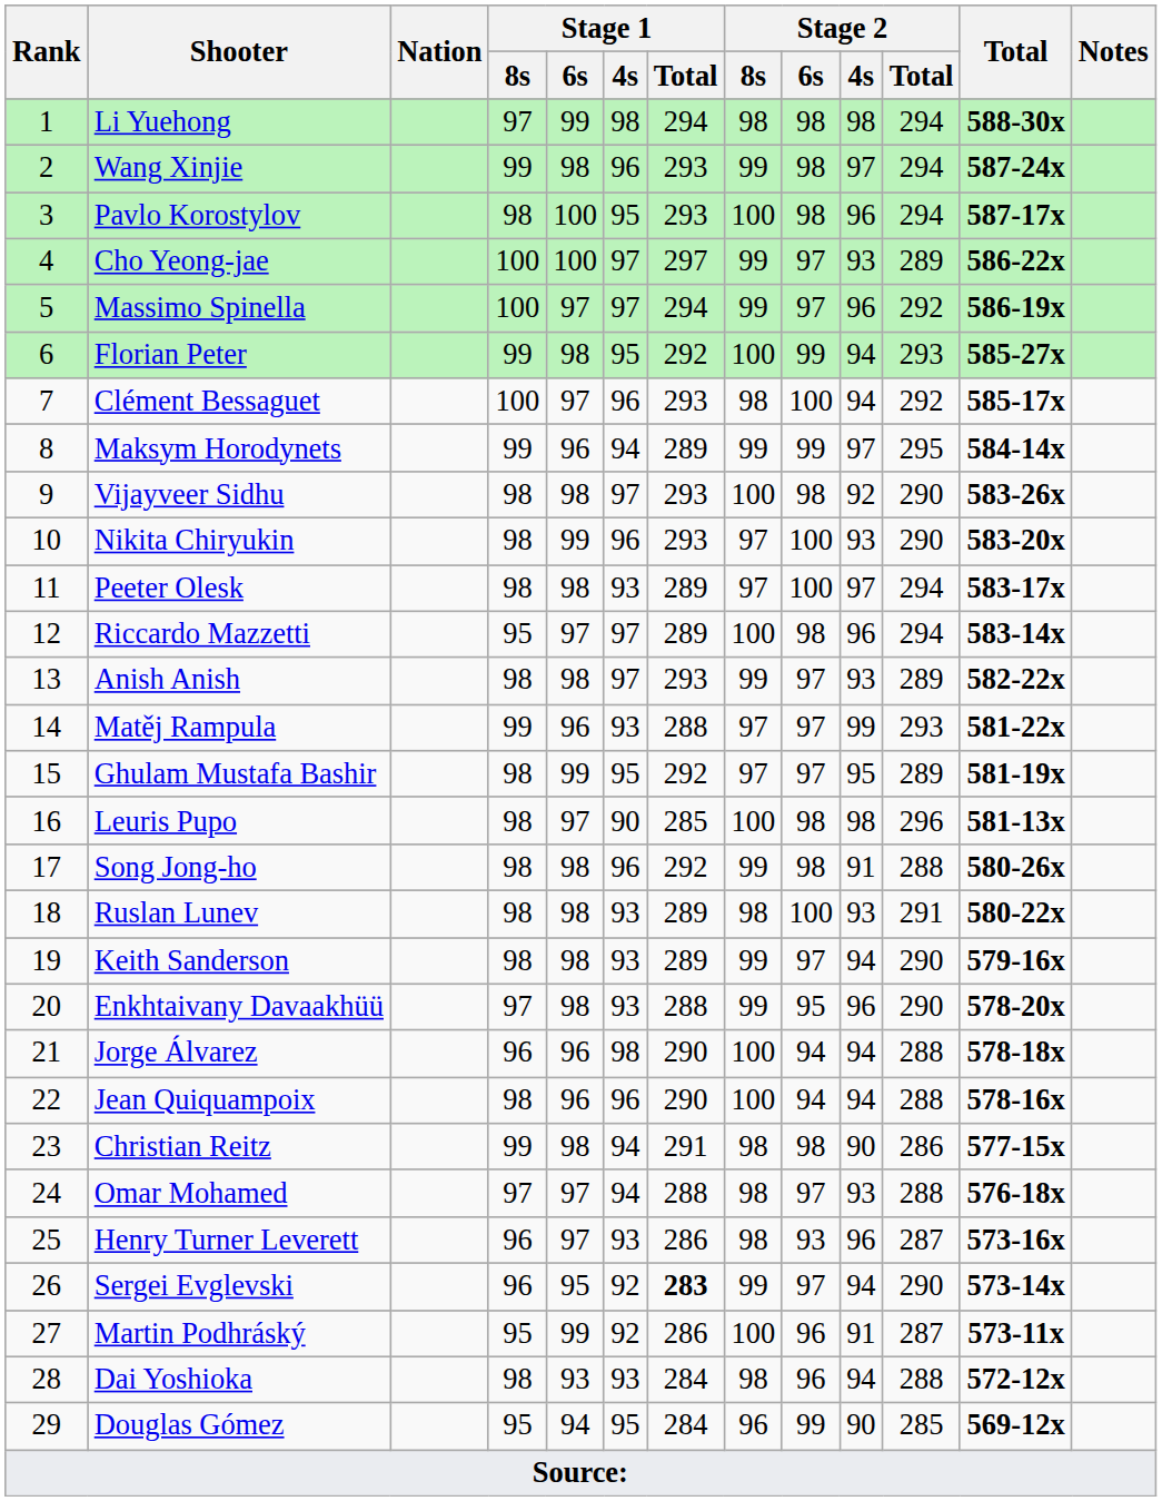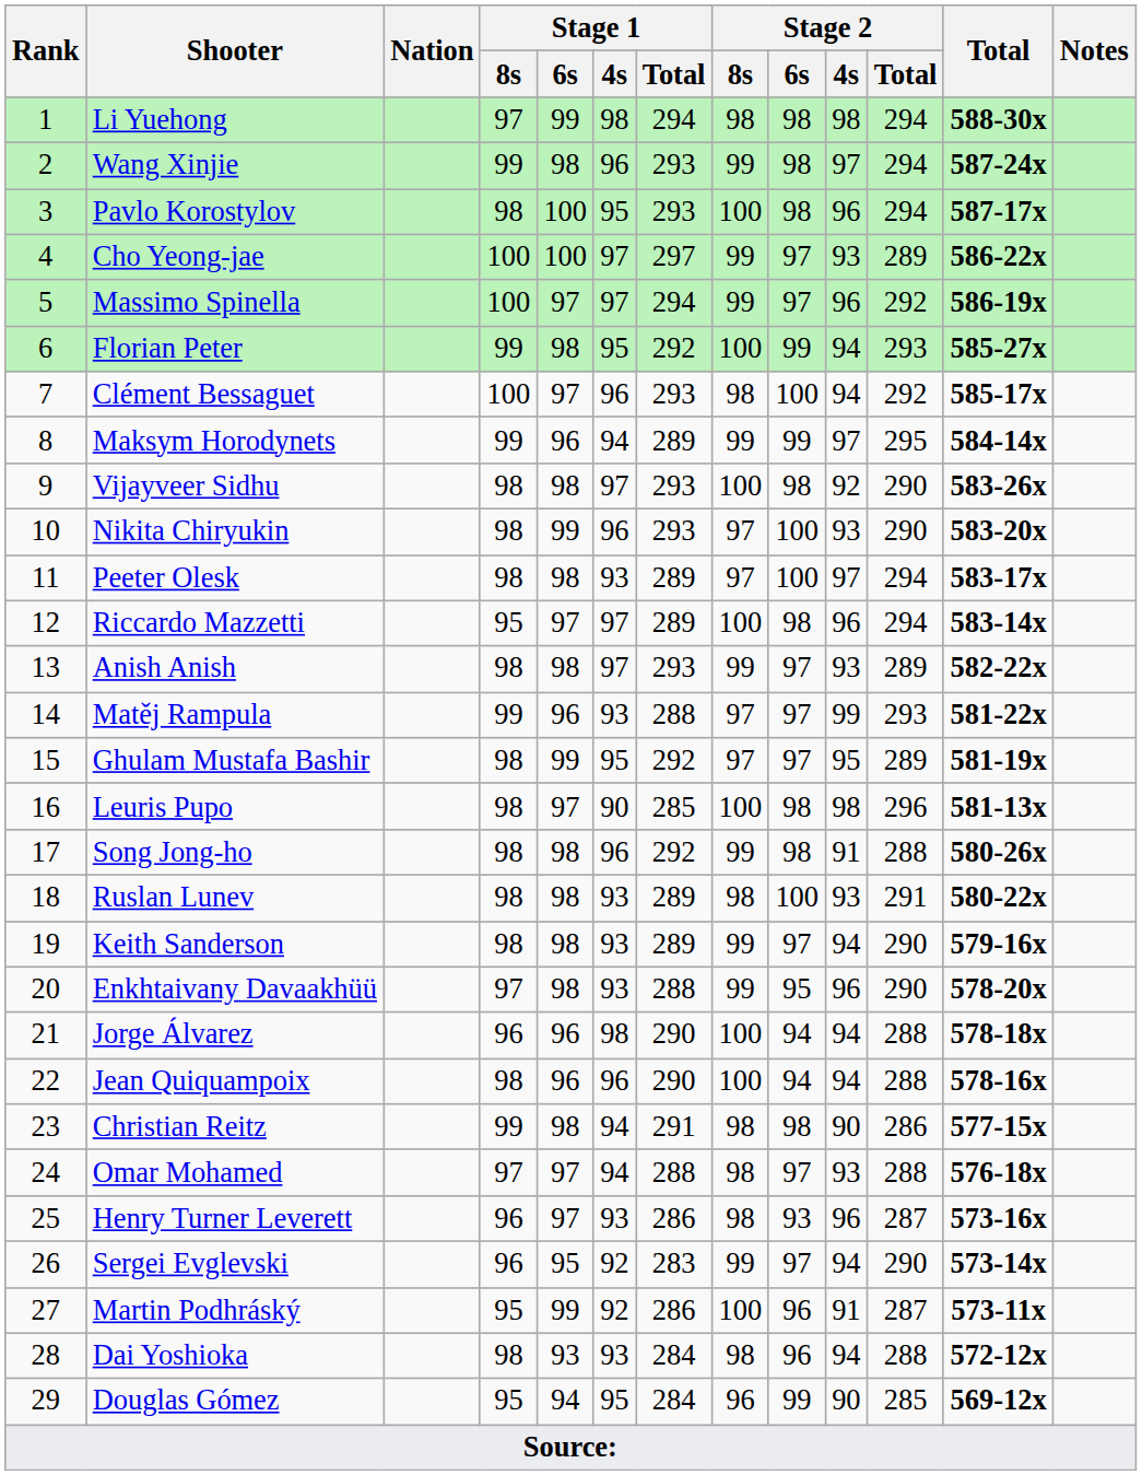 <table class="wikitable sortable" style="text-align: center">
 <tr>
 <th rowspan=2>Rank</th>
 <th rowspan=2>Shooter</th>
 <th rowspan=2>Nation</th>
 <th colspan=4>Stage 1</th>
 <th colspan="4">Stage 2</th>
 <th rowspan="2">Total</th>
 <th rowspan="2" class="unsortable">Notes</th>
 </tr>
 <tr>
 <th>8s</th>
 <th>6s</th>
 <th>4s</th>
 <th>Total</th>
 <th>8s</th>
 <th>6s</th>
 <th>4s</th>
 <th>Total</th>
 </tr>
 <tr bgcolor=bbf3bb>
 <td>1</td>
 <td align=left><a href='#'>Li Yuehong</a></td>
 <td align="left"></td>
 <td>97</td>
 <td>99</td>
 <td>98</td>
 <td>294</td>
 <td>98</td>
 <td>98</td>
 <td>98</td>
 <td>294</td>
 <td><strong>588-30x</strong></td>
 <td></td>
 </tr>
 <tr bgcolor=bbf3bb>
 <td>2</td>
 <td align=left><a href='#'>Wang Xinjie</a></td>
 <td align="left"></td>
 <td>99</td>
 <td>98</td>
 <td>96</td>
 <td>293</td>
 <td>99</td>
 <td>98</td>
 <td>97</td>
 <td>294</td>
 <td><strong>587-24x</strong></td>
 <td></td>
 </tr>
 <tr bgcolor=bbf3bb>
 <td>3</td>
 <td align=left><a href='#'>Pavlo Korostylov</a></td>
 <td align="left"></td>
 <td>98</td>
 <td>100</td>
 <td>95</td>
 <td>293</td>
 <td>100</td>
 <td>98</td>
 <td>96</td>
 <td>294</td>
 <td><strong>587-17x</strong></td>
 <td></td>
 </tr>
 <tr bgcolor=bbf3bb>
 <td>4</td>
 <td align=left><a href='#'>Cho Yeong-jae</a></td>
 <td align="left"></td>
 <td>100</td>
 <td>100</td>
 <td>97</td>
 <td>297</td>
 <td>99</td>
 <td>97</td>
 <td>93</td>
 <td>289</td>
 <td><strong>586-22x</strong></td>
 <td></td>
 </tr>
 <tr bgcolor=bbf3bb>
 <td>5</td>
 <td align=left><a href='#'>Massimo Spinella</a></td>
 <td align="left"></td>
 <td>100</td>
 <td>97</td>
 <td>97</td>
 <td>294</td>
 <td>99</td>
 <td>97</td>
 <td>96</td>
 <td>292</td>
 <td><strong>586-19x</strong></td>
 <td></td>
 </tr>
 <tr bgcolor=bbf3bb>
 <td>6</td>
 <td align=left><a href='#'>Florian Peter</a></td>
 <td align="left"></td>
 <td>99</td>
 <td>98</td>
 <td>95</td>
 <td>292</td>
 <td>100</td>
 <td>99</td>
 <td>94</td>
 <td>293</td>
 <td><strong>585-27x</strong></td>
 <td></td>
 </tr>
 <tr>
 <td>7</td>
 <td align=left><a href='#'>Clément Bessaguet</a></td>
 <td align="left"></td>
 <td>100</td>
 <td>97</td>
 <td>96</td>
 <td>293</td>
 <td>98</td>
 <td>100</td>
 <td>94</td>
 <td>292</td>
 <td><strong>585-17x</strong></td>
 <td></td>
 </tr>
 <tr>
 <td>8</td>
 <td align=left><a href='#'>Maksym Horodynets</a></td>
 <td align="left"></td>
 <td>99</td>
 <td>96</td>
 <td>94</td>
 <td>289</td>
 <td>99</td>
 <td>99</td>
 <td>97</td>
 <td>295</td>
 <td><strong>584-14x</strong></td>
 <td></td>
 </tr>
 <tr>
 <td>9</td>
 <td align=left><a href='#'>Vijayveer Sidhu</a></td>
 <td align="left"></td>
 <td>98</td>
 <td>98</td>
 <td>97</td>
 <td>293</td>
 <td>100</td>
 <td>98</td>
 <td>92</td>
 <td>290</td>
 <td><strong>583-26x</strong></td>
 <td></td>
 </tr>
 <tr>
 <td>10</td>
 <td align=left><a href='#'>Nikita Chiryukin</a></td>
 <td align="left"></td>
 <td>98</td>
 <td>99</td>
 <td>96</td>
 <td>293</td>
 <td>97</td>
 <td>100</td>
 <td>93</td>
 <td>290</td>
 <td><strong>583-20x</strong></td>
 <td></td>
 </tr>
 <tr>
 <td>11</td>
 <td align=left><a href='#'>Peeter Olesk</a></td>
 <td align="left"></td>
 <td>98</td>
 <td>98</td>
 <td>93</td>
 <td>289</td>
 <td>97</td>
 <td>100</td>
 <td>97</td>
 <td>294</td>
 <td><strong>583-17x</strong></td>
 <td></td>
 </tr>
 <tr>
 <td>12</td>
 <td align=left><a href='#'>Riccardo Mazzetti</a></td>
 <td align="left"></td>
 <td>95</td>
 <td>97</td>
 <td>97</td>
 <td>289</td>
 <td>100</td>
 <td>98</td>
 <td>96</td>
 <td>294</td>
 <td><strong>583-14x</strong></td>
 <td></td>
 </tr>
 <tr>
 <td>13</td>
 <td align=left><a href='#'>Anish Anish</a></td>
 <td align="left"></td>
 <td>98</td>
 <td>98</td>
 <td>97</td>
 <td>293</td>
 <td>99</td>
 <td>97</td>
 <td>93</td>
 <td>289</td>
 <td><strong>582-22x</strong></td>
 <td></td>
 </tr>
 <tr>
 <td>14</td>
 <td align=left><a href='#'>Matěj Rampula</a></td>
 <td align="left"></td>
 <td>99</td>
 <td>96</td>
 <td>93</td>
 <td>288</td>
 <td>97</td>
 <td>97</td>
 <td>99</td>
 <td>293</td>
 <td><strong>581-22x</strong></td>
 <td></td>
 </tr>
 <tr>
 <td>15</td>
 <td align=left><a href='#'>Ghulam Mustafa Bashir</a></td>
 <td align="left"></td>
 <td>98</td>
 <td>99</td>
 <td>95</td>
 <td>292</td>
 <td>97</td>
 <td>97</td>
 <td>95</td>
 <td>289</td>
 <td><strong>581-19x</strong></td>
 <td></td>
 </tr>
 <tr>
 <td>16</td>
 <td align=left><a href='#'>Leuris Pupo</a></td>
 <td align="left"></td>
 <td>98</td>
 <td>97</td>
 <td>90</td>
 <td>285</td>
 <td>100</td>
 <td>98</td>
 <td>98</td>
 <td>296</td>
 <td><strong>581-13x</strong></td>
 <td></td>
 </tr>
 <tr>
 <td>17</td>
 <td align=left><a href='#'>Song Jong-ho</a></td>
 <td align="left"></td>
 <td>98</td>
 <td>98</td>
 <td>96</td>
 <td>292</td>
 <td>99</td>
 <td>98</td>
 <td>91</td>
 <td>288</td>
 <td><strong>580-26x</strong></td>
 <td></td>
 </tr>
 <tr>
 <td>18</td>
 <td align=left><a href='#'>Ruslan Lunev</a></td>
 <td align="left"></td>
 <td>98</td>
 <td>98</td>
 <td>93</td>
 <td>289</td>
 <td>98</td>
 <td>100</td>
 <td>93</td>
 <td>291</td>
 <td><strong>580-22x</strong></td>
 <td></td>
 </tr>
 <tr>
 <td>19</td>
 <td align=left><a href='#'>Keith Sanderson</a></td>
 <td align="left"></td>
 <td>98</td>
 <td>98</td>
 <td>93</td>
 <td>289</td>
 <td>99</td>
 <td>97</td>
 <td>94</td>
 <td>290</td>
 <td><strong>579-16x</strong></td>
 <td></td>
 </tr>
 <tr>
 <td>20</td>
 <td align=left><a href='#'>Enkhtaivany Davaakhüü</a></td>
 <td align="left"></td>
 <td>97</td>
 <td>98</td>
 <td>93</td>
 <td>288</td>
 <td>99</td>
 <td>95</td>
 <td>96</td>
 <td>290</td>
 <td><strong>578-20x</strong></td>
 <td></td>
 </tr>
 <tr>
 <td>21</td>
 <td align=left><a href='#'>Jorge Álvarez</a></td>
 <td align="left"></td>
 <td>96</td>
 <td>96</td>
 <td>98</td>
 <td>290</td>
 <td>100</td>
 <td>94</td>
 <td>94</td>
 <td>288</td>
 <td><strong>578-18x</strong></td>
 <td></td>
 </tr>
 <tr>
 <td>22</td>
 <td align=left><a href='#'>Jean Quiquampoix</a></td>
 <td align="left"></td>
 <td>98</td>
 <td>96</td>
 <td>96</td>
 <td>290</td>
 <td>100</td>
 <td>94</td>
 <td>94</td>
 <td>288</td>
 <td><strong>578-16x</strong></td>
 <td></td>
 </tr>
 <tr>
 <td>23</td>
 <td align=left><a href='#'>Christian Reitz</a></td>
 <td align="left"></td>
 <td>99</td>
 <td>98</td>
 <td>94</td>
 <td>291</td>
 <td>98</td>
 <td>98</td>
 <td>90</td>
 <td>286</td>
 <td><strong>577-15x</strong></td>
 <td></td>
 </tr>
 <tr>
 <td>24</td>
 <td align=left><a href='#'>Omar Mohamed</a></td>
 <td align="left"></td>
 <td>97</td>
 <td>97</td>
 <td>94</td>
 <td>288</td>
 <td>98</td>
 <td>97</td>
 <td>93</td>
 <td>288</td>
 <td><strong>576-18x</strong></td>
 <td></td>
 </tr>
 <tr>
 <td>25</td>
 <td align=left><a href='#'>Henry Turner Leverett</a></td>
 <td align="left"></td>
 <td>96</td>
 <td>97</td>
 <td>93</td>
 <td>286</td>
 <td>98</td>
 <td>93</td>
 <td>96</td>
 <td>287</td>
 <td><strong>573-16x</strong></td>
 <td></td>
 </tr>
 <tr>
 <td>26</td>
 <td align=left><a href='#'>Sergei Evglevski</a></td>
 <td align="left"></td>
 <td>96</td>
 <td>95</td>
 <td>92</td>
-<td><strong>283</strong></td>
+<td>283</td>
 <td>99</td>
 <td>97</td>
 <td>94</td>
 <td>290</td>
 <td><strong>573-14x</strong></td>
 <td></td>
 </tr>
 <tr>
 <td>27</td>
 <td align="left"><a href='#'>Martin Podhráský</a></td>
 <td align="left"></td>
 <td>95</td>
 <td>99</td>
 <td>92</td>
 <td>286</td>
 <td>100</td>
 <td>96</td>
 <td>91</td>
 <td>287</td>
 <td><strong>573-11x</strong></td>
 <td></td>
 </tr>
 <tr>
 <td>28</td>
 <td align="left"><a href='#'>Dai Yoshioka</a></td>
 <td align="left"></td>
 <td>98</td>
 <td>93</td>
 <td>93</td>
 <td>284</td>
 <td>98</td>
 <td>96</td>
 <td>94</td>
 <td>288</td>
 <td><strong>572-12x</strong></td>
 <td></td>
 </tr>
 <tr>
 <td>29</td>
 <td align="left"><a href='#'>Douglas Gómez</a></td>
 <td align="left"></td>
 <td>95</td>
 <td>94</td>
 <td>95</td>
 <td>284</td>
 <td>96</td>
 <td>99</td>
 <td>90</td>
 <td>285</td>
 <td><strong>569-12x</strong></td>
 <td></td>
 </tr>
 <tr>
 <th colspan="13" style="background-color:#EAECF0;text-align:center"><strong>Source:</strong></th>
 </tr>
 </table>
